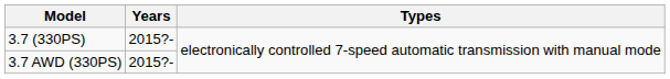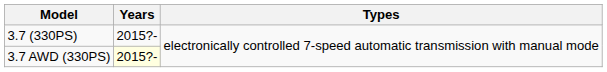 <table class="wikitable sortable collapsible">
 <tr>
 <th>Model</th>
 <th>Years</th>
 <th>Types</th>
 </tr>
 <tr>
 <td>3.7 (330PS)</td>
 <td>2015?-</td>
 <td rowspan="2">electronically controlled 7-speed automatic transmission with manual mode</td>
 </tr>
 <tr>
 <td>3.7 AWD (330PS)</td>
-<td>2015?-</td>
+<td style="background: lightyellow;">2015?-</td>
 </tr>
 </table>
